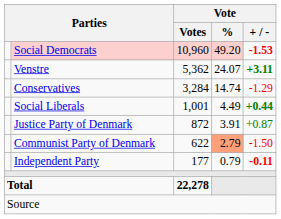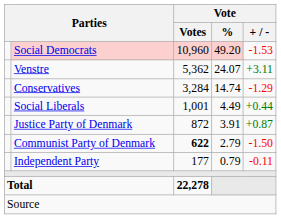 <table class="wikitable" style="text-align:right;">
 <tr>
 <th style="text-align:centre;" rowspan="2" colspan="2" width="225">Parties</th>
 <th colspan="3">Vote</th>
 </tr>
 <tr>
 <th width="15">Votes</th>
 <th width="15">%</th>
 <th width="15">+ / -</th>
 </tr>
 <tr>
 <td width="2" style="color:inherit;background:"></td>
 <td bgcolor=#fbd0ce  align="left"><a href='#'>Social Democrats</a></td>
 <td bgcolor=#fbd0ce>10,960</td>
 <td bgcolor=#fbd0ce>49.20</td>
-<td style=color:red;><strong>-1.53</strong></td>
+<td style=color:red;>-1.53</td>
 </tr>
 <tr>
 <td width="2" style="color:inherit;background:"></td>
 <td align="left"><a href='#'>Venstre</a></td>
 <td>5,362</td>
 <td>24.07</td>
-<td style=color:green;><strong>+3.11</strong></td>
+<td style=color:green;>+3.11</td>
 </tr>
 <tr>
 <td width="2" style="color:inherit;background:"></td>
 <td align="left"><a href='#'>Conservatives</a></td>
 <td>3,284</td>
 <td>14.74</td>
 <td style=color:red;>-1.29</td>
 </tr>
 <tr>
 <td width="2" style="color:inherit;background:"></td>
 <td align="left"><a href='#'>Social Liberals</a></td>
 <td>1,001</td>
 <td>4.49</td>
-<td style=color:green;><strong>+0.44</strong></td>
+<td style=color:green;>+0.44</td>
 </tr>
 <tr>
 <td width="2" style="color:inherit;background:"></td>
 <td align="left"><a href='#'>Justice Party of Denmark</a></td>
 <td>872</td>
 <td>3.91</td>
 <td style=color:green;>+0.87</td>
 </tr>
 <tr>
 <td width="2" style="color:inherit;background:"></td>
 <td align="left"><a href='#'>Communist Party of Denmark</a></td>
-<td>622</td>
-<td style="background: lightsalmon;">2.79</td>
+<td><strong>622</strong></td>
+<td>2.79</td>
 <td style=color:red;>-1.50</td>
 </tr>
 <tr>
 <td width="2" style="color:inherit;background:"></td>
 <td align="left"><a href='#'>Independent Party</a></td>
 <td>177</td>
 <td>0.79</td>
-<td style=color:red;><strong>-0.11</strong></td>
+<td style=color:red;>-0.11</td>
 </tr>
 <tr>
 <td colspan="7" bgcolor="#E9E9E9"></td>
 </tr>
 <tr>
 <td align="left" colspan="2"><strong>Total</strong></td>
 <td><strong>22,278</strong></td>
 <td bgcolor="#E9E9E9" colspan="2"></td>
 </tr>
 <tr>
 <td align="left" colspan="6">Source</td>
 </tr>
 </table>
